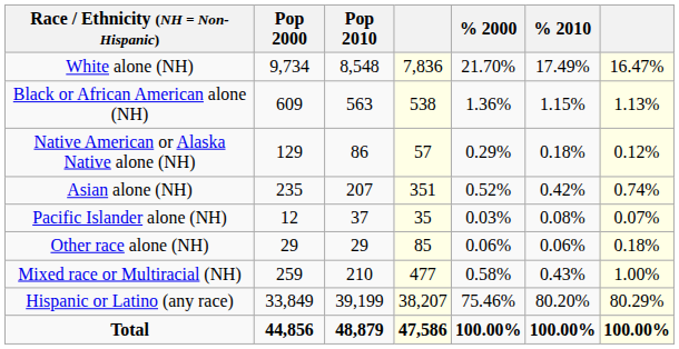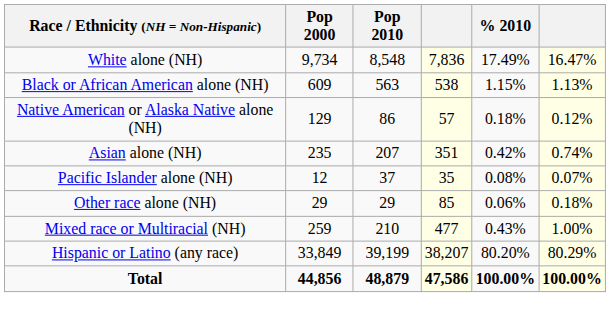 <table class="wikitable" style="text-align:center;">
 <tr>
 <th>Race / Ethnicity <small>(<em>NH = Non-Hispanic</em>)</small></th>
 <th>Pop 2000</th>
 <th>Pop 2010</th>
 <th></th>
-<th>% 2000</th>
 <th>% 2010</th>
 <th></th>
 </tr>
 <tr>
 <td><a href='#'>White</a> alone (NH)</td>
 <td>9,734</td>
 <td>8,548</td>
 <td style='background: #ffffe6;'>7,836</td>
-<td>21.70%</td>
 <td>17.49%</td>
 <td style='background: #ffffe6;'>16.47%</td>
 </tr>
 <tr>
 <td><a href='#'>Black or African American</a> alone (NH)</td>
 <td>609</td>
 <td>563</td>
 <td style='background: #ffffe6;'>538</td>
-<td>1.36%</td>
 <td>1.15%</td>
 <td style='background: #ffffe6;'>1.13%</td>
 </tr>
 <tr>
 <td><a href='#'>Native American</a> or <a href='#'>Alaska Native</a> alone (NH)</td>
 <td>129</td>
 <td>86</td>
 <td style='background: #ffffe6;'>57</td>
-<td>0.29%</td>
 <td>0.18%</td>
 <td style='background: #ffffe6;'>0.12%</td>
 </tr>
 <tr>
 <td><a href='#'>Asian</a> alone (NH)</td>
 <td>235</td>
 <td>207</td>
 <td style='background: #ffffe6;'>351</td>
-<td>0.52%</td>
 <td>0.42%</td>
 <td style='background: #ffffe6;'>0.74%</td>
 </tr>
 <tr>
 <td><a href='#'>Pacific Islander</a> alone (NH)</td>
 <td>12</td>
 <td>37</td>
 <td style='background: #ffffe6;'>35</td>
-<td>0.03%</td>
 <td>0.08%</td>
 <td style='background: #ffffe6;'>0.07%</td>
 </tr>
 <tr>
 <td><a href='#'>Other race</a> alone (NH)</td>
 <td>29</td>
 <td>29</td>
 <td style='background: #ffffe6;'>85</td>
 <td>0.06%</td>
-<td>0.06%</td>
 <td style='background: #ffffe6;'>0.18%</td>
 </tr>
 <tr>
 <td><a href='#'>Mixed race or Multiracial</a> (NH)</td>
 <td>259</td>
 <td>210</td>
 <td style='background: #ffffe6;'>477</td>
-<td>0.58%</td>
 <td>0.43%</td>
 <td style='background: #ffffe6;'>1.00%</td>
 </tr>
 <tr>
 <td><a href='#'>Hispanic or Latino</a> (any race)</td>
 <td>33,849</td>
 <td>39,199</td>
 <td style='background: #ffffe6;'>38,207</td>
-<td>75.46%</td>
 <td>80.20%</td>
 <td style='background: #ffffe6;'>80.29%</td>
 </tr>
 <tr>
 <td><strong>Total</strong></td>
 <td><strong>44,856</strong></td>
 <td><strong>48,879</strong></td>
 <td style='background: #ffffe6;'><strong>47,586</strong></td>
 <td><strong>100.00%</strong></td>
-<td><strong>100.00%</strong></td>
 <td style='background: #ffffe6;'><strong>100.00%</strong></td>
 </tr>
 </table>
